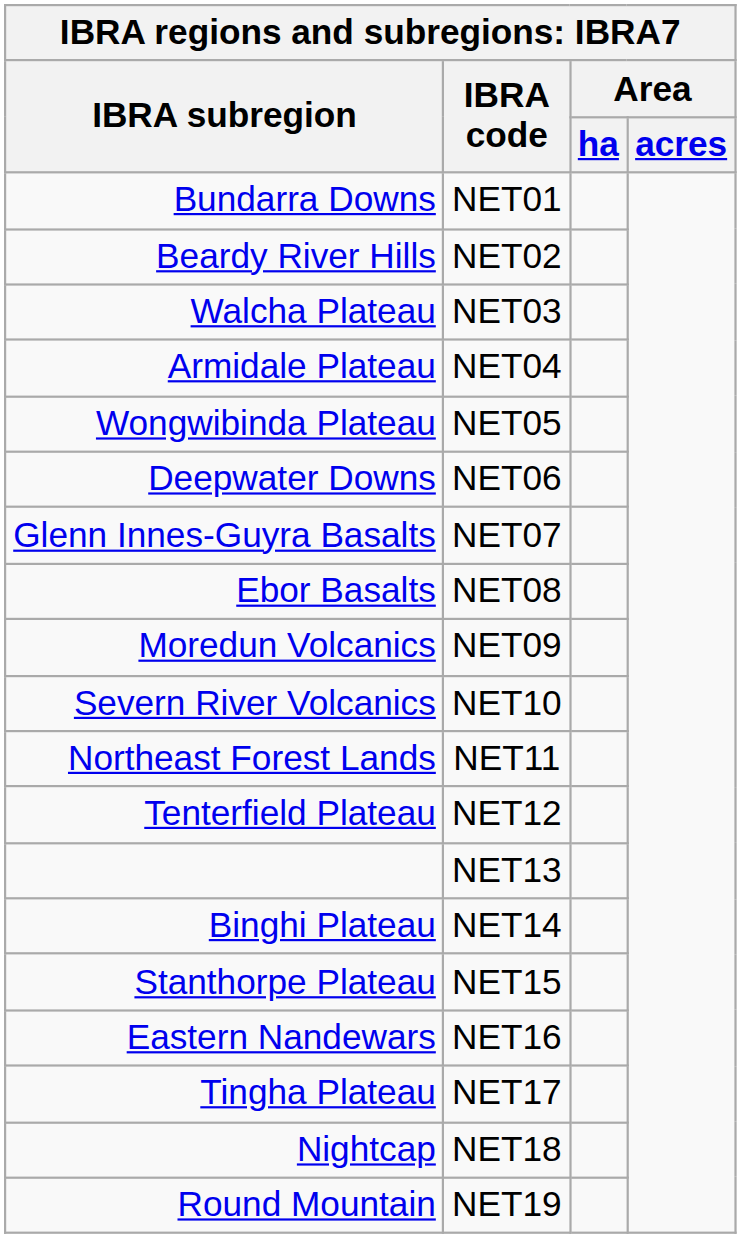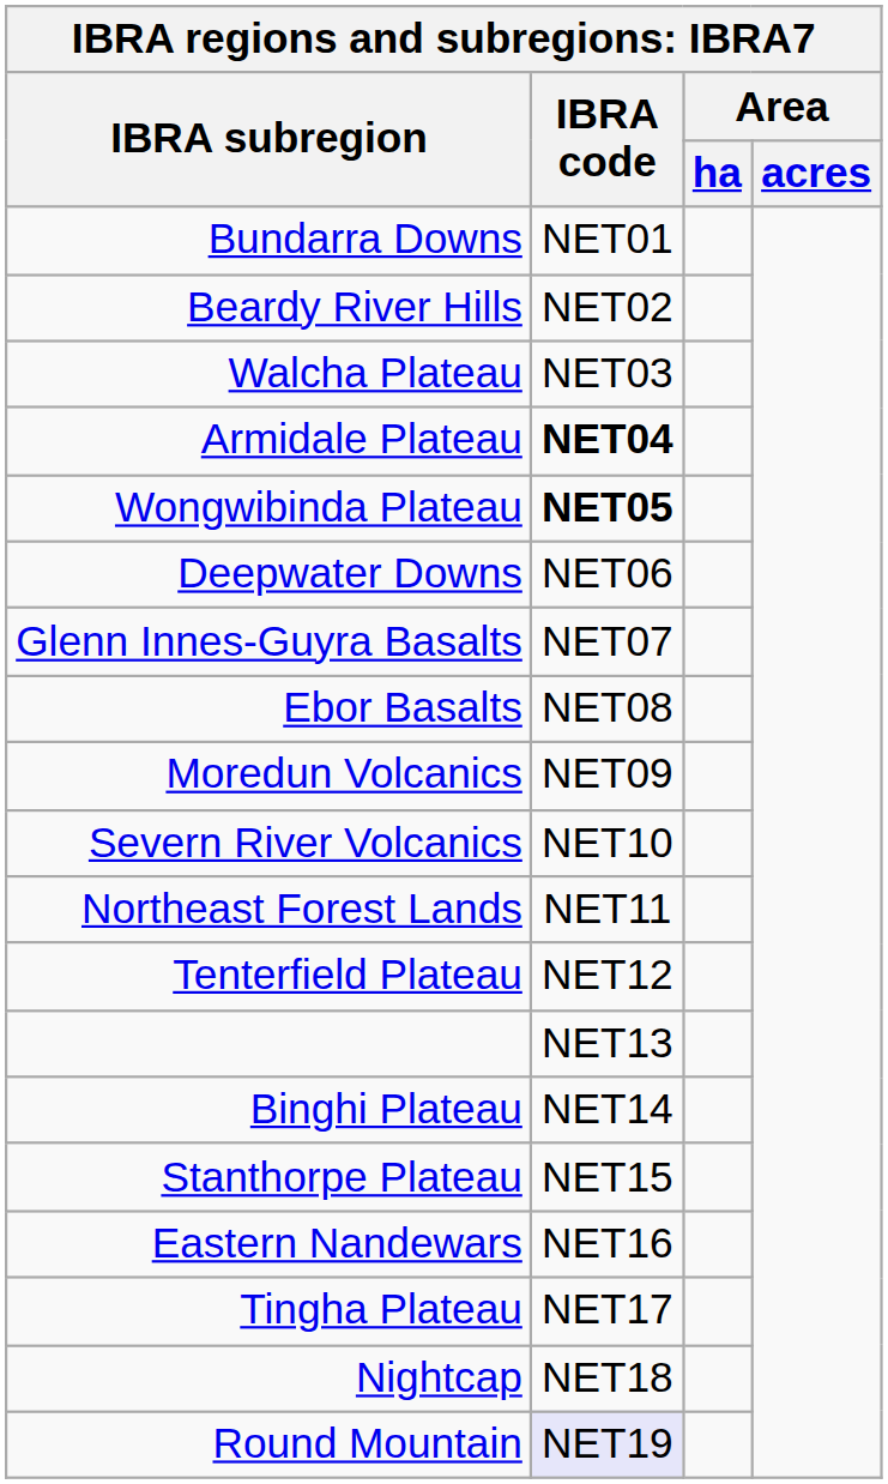 <table class="wikitable sortable">
 <tr>
 <th colspan=4>IBRA regions and subregions: IBRA7</th>
 </tr>
 <tr>
 <th rowspan=2 scope="col">IBRA subregion</th>
 <th rowspan=2 scope="col">IBRA<br>code</th>
 <th colspan=2 scope="col" class=unsortable>Area</th>
 </tr>
 <tr>
 <th><a href='#'>ha</a></th>
 <th><a href='#'>acres</a></th>
 </tr>
 <tr>
 <td align="right"><a href='#'>Bundarra Downs</a></td>
 <td align="center">NET01</td>
 <td></td>
 </tr>
 <tr>
 <td align="right"><a href='#'>Beardy River Hills</a></td>
 <td align="center">NET02</td>
 <td></td>
 </tr>
 <tr>
 <td align="right"><a href='#'>Walcha Plateau</a></td>
 <td align="center">NET03</td>
 <td></td>
 </tr>
 <tr>
 <td align="right"><a href='#'>Armidale Plateau</a></td>
-<td align="center">NET04</td>
+<td align="center"><strong>NET04</strong></td>
 <td></td>
 </tr>
 <tr>
 <td align="right"><a href='#'>Wongwibinda Plateau</a></td>
-<td align="center">NET05</td>
+<td align="center"><strong>NET05</strong></td>
 <td></td>
 </tr>
 <tr>
 <td align="right"><a href='#'>Deepwater Downs</a></td>
 <td align="center">NET06</td>
 <td></td>
 </tr>
 <tr>
 <td align="right"><a href='#'>Glenn Innes-Guyra Basalts</a></td>
 <td align="center">NET07</td>
 <td></td>
 </tr>
 <tr>
 <td align="right"><a href='#'>Ebor Basalts</a></td>
 <td align="center">NET08</td>
 <td></td>
 </tr>
 <tr>
 <td align="right"><a href='#'>Moredun Volcanics</a></td>
 <td align="center">NET09</td>
 <td></td>
 </tr>
 <tr>
 <td align="right"><a href='#'>Severn River Volcanics</a></td>
 <td align="center">NET10</td>
 <td></td>
 </tr>
 <tr>
 <td align="right"><a href='#'>Northeast Forest Lands</a></td>
 <td align="center">NET11</td>
 <td></td>
 </tr>
 <tr>
 <td align="right"><a href='#'>Tenterfield Plateau</a></td>
 <td align="center">NET12</td>
 <td></td>
 </tr>
 <tr>
 <td align="right"></td>
 <td align="center">NET13</td>
 <td></td>
 </tr>
 <tr>
 <td align="right"><a href='#'>Binghi Plateau</a></td>
 <td align="center">NET14</td>
 <td></td>
 </tr>
 <tr>
 <td align="right"><a href='#'>Stanthorpe Plateau</a></td>
 <td align="center">NET15</td>
 <td></td>
 </tr>
 <tr>
 <td align="right"><a href='#'>Eastern Nandewars</a></td>
 <td align="center">NET16</td>
 <td></td>
 </tr>
 <tr>
 <td align="right"><a href='#'>Tingha Plateau</a></td>
 <td align="center">NET17</td>
 <td></td>
 </tr>
 <tr>
 <td align="right"><a href='#'>Nightcap</a></td>
 <td align="center">NET18</td>
 <td></td>
 </tr>
 <tr>
 <td align="right"><a href='#'>Round Mountain</a></td>
-<td align="center">NET19</td>
+<td align="center" style="background: lavender;">NET19</td>
 <td></td>
 </tr>
 </table>
